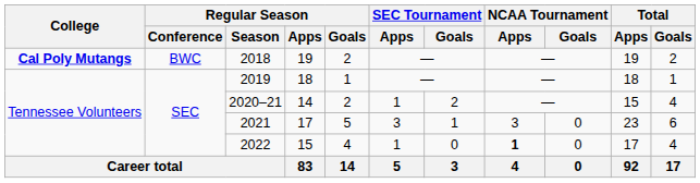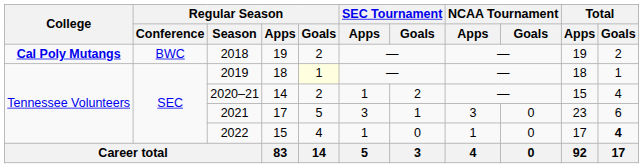 <table class="wikitable" style="text-align: center;">
 <tr>
 <th rowspan="2">College</th>
 <th colspan="4">Regular Season</th>
 <th colspan="2"><a href='#'>SEC Tournament</a></th>
 <th colspan="2">NCAA Tournament</th>
 <th colspan="2">Total</th>
 </tr>
 <tr>
 <th>Conference</th>
 <th>Season</th>
 <th>Apps</th>
 <th>Goals</th>
 <th>Apps</th>
 <th>Goals</th>
 <th>Apps</th>
 <th>Goals</th>
 <th>Apps</th>
 <th>Goals</th>
 </tr>
 <tr>
 <td><strong><a href='#'>Cal Poly Mutangs</a></strong></td>
 <td><a href='#'>BWC</a></td>
 <td>2018</td>
 <td>19</td>
 <td>2</td>
 <td colspan="2">—</td>
 <td colspan="2">—</td>
 <td>19</td>
 <td>2</td>
 </tr>
 <tr>
 <td rowspan="4"><a href='#'>Tennessee Volunteers</a></td>
 <td rowspan="4"><a href='#'>SEC</a></td>
 <td>2019</td>
 <td>18</td>
-<td>1</td>
+<td style="background: lightyellow;">1</td>
 <td colspan="2">—</td>
 <td colspan="2">—</td>
 <td>18</td>
 <td>1</td>
 </tr>
 <tr>
 <td>2020–21</td>
 <td>14</td>
 <td>2</td>
 <td>1</td>
 <td>2</td>
 <td colspan="2">—</td>
 <td>15</td>
 <td>4</td>
 </tr>
 <tr>
 <td>2021</td>
 <td>17</td>
 <td>5</td>
 <td>3</td>
 <td>1</td>
 <td>3</td>
 <td>0</td>
 <td>23</td>
 <td>6</td>
 </tr>
 <tr>
 <td>2022</td>
 <td>15</td>
 <td>4</td>
 <td>1</td>
 <td>0</td>
-<td><strong>1</strong></td>
+<td>1</td>
 <td>0</td>
 <td>17</td>
-<td>4</td>
+<td><strong>4</strong></td>
 </tr>
 <tr>
 <th colspan="3">Career total</th>
 <th>83</th>
 <th>14</th>
 <th>5</th>
 <th>3</th>
 <th>4</th>
 <th>0</th>
 <th>92</th>
 <th>17</th>
 </tr>
 </table>
